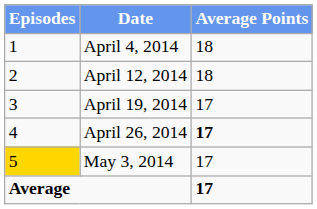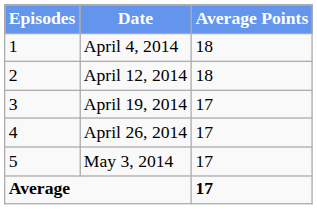 <table class="wikitable" style="font-size: 14px;">
 <tr style="background:cornflowerblue; color:white" align=center>
 <td><strong>Episodes</strong></td>
 <td><strong>Date</strong></td>
 <td><strong>Average Points</strong></td>
 </tr>
 <tr>
 <td>1</td>
 <td>April 4, 2014</td>
 <td>18</td>
 </tr>
 <tr>
 <td>2</td>
 <td>April 12, 2014</td>
 <td>18</td>
 </tr>
 <tr>
 <td>3</td>
 <td>April 19, 2014</td>
 <td>17</td>
 </tr>
 <tr>
 <td>4</td>
 <td>April 26, 2014</td>
-<td><strong>17</strong></td>
+<td>17</td>
 </tr>
 <tr>
-<td style="background: gold;">5</td>
+<td>5</td>
 <td>May 3, 2014</td>
 <td>17</td>
 </tr>
 <tr>
 <td colspan="2"><strong>Average</strong></td>
 <td><strong>17</strong></td>
 </tr>
 </table>
